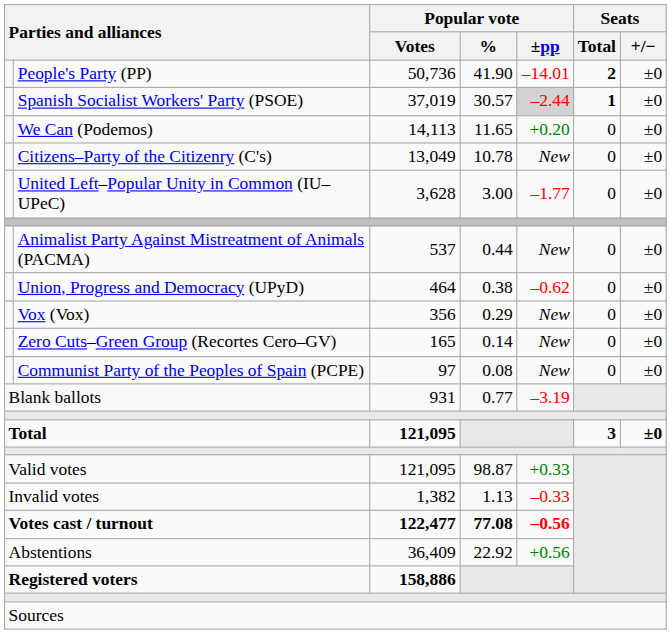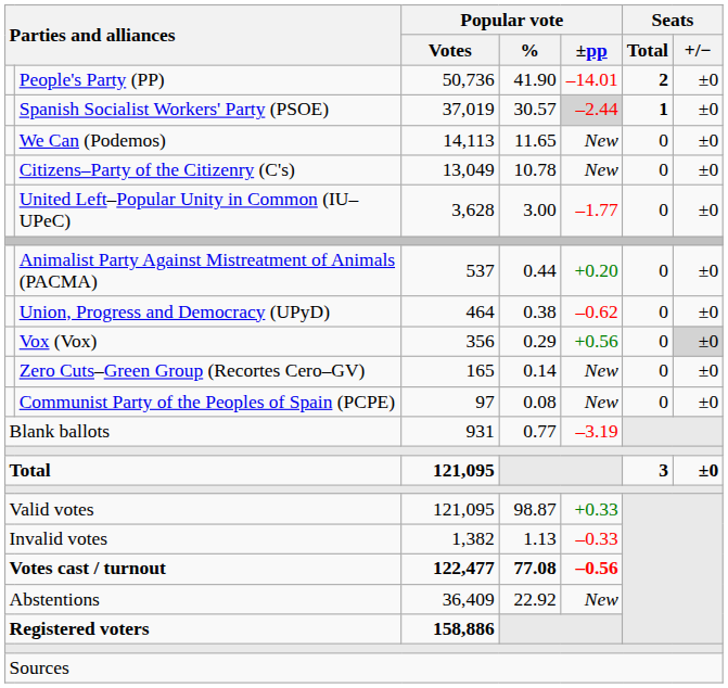 <table class="wikitable" style="text-align:right;">
 <tr>
 <th style="text-align:left;" rowspan="2" colspan="2" width="525">Parties and alliances</th>
 <th colspan="3">Popular vote</th>
 <th colspan="2">Seats</th>
 </tr>
 <tr>
 <th width="75">Votes</th>
 <th width="45">%</th>
 <th width="45">±<a href='#'>pp</a></th>
 <th width="35">Total</th>
 <th width="35">+/−</th>
 </tr>
 <tr>
 <td width="1" style="color:inherit;background:"></td>
 <td align="left"><a href='#'>People's Party</a> (PP)</td>
 <td>50,736</td>
 <td>41.90</td>
 <td style="color:red;">–14.01</td>
 <td><strong>2</strong></td>
 <td>±0</td>
 </tr>
 <tr>
 <td style="color:inherit;background:"></td>
 <td align="left"><a href='#'>Spanish Socialist Workers' Party</a> (PSOE)</td>
 <td>37,019</td>
 <td>30.57</td>
 <td style="background: lightgrey; color:red;">–2.44</td>
 <td><strong>1</strong></td>
 <td>±0</td>
 </tr>
 <tr>
 <td style="color:inherit;background:"></td>
 <td align="left"><a href='#'>We Can</a> (Podemos)</td>
 <td>14,113</td>
 <td>11.65</td>
-<td style="color:green;">+0.20</td>
+<td><em>New</em></td>
 <td>0</td>
 <td>±0</td>
 </tr>
 <tr>
 <td style="color:inherit;background:"></td>
 <td align="left"><a href='#'>Citizens–Party of the Citizenry</a> (C's)</td>
 <td>13,049</td>
 <td>10.78</td>
 <td><em>New</em></td>
 <td>0</td>
 <td>±0</td>
 </tr>
 <tr>
 <td style="color:inherit;background:"></td>
 <td align="left"><a href='#'>United Left</a>–<a href='#'>Popular Unity in Common</a> (IU–UPeC)</td>
 <td>3,628</td>
 <td>3.00</td>
 <td style="color:red;">–1.77</td>
 <td>0</td>
 <td>±0</td>
 </tr>
 <tr>
 <td colspan="7" bgcolor="#C0C0C0"></td>
 </tr>
 <tr>
 <td style="color:inherit;background:"></td>
 <td align="left"><a href='#'>Animalist Party Against Mistreatment of Animals</a> (PACMA)</td>
 <td>537</td>
 <td>0.44</td>
-<td><em>New</em></td>
+<td style="color:green;">+0.20</td>
 <td>0</td>
 <td>±0</td>
 </tr>
 <tr>
 <td style="color:inherit;background:"></td>
 <td align="left"><a href='#'>Union, Progress and Democracy</a> (UPyD)</td>
 <td>464</td>
 <td>0.38</td>
 <td style="color:red;">–0.62</td>
 <td>0</td>
 <td>±0</td>
 </tr>
 <tr>
 <td style="color:inherit;background:"></td>
 <td align="left"><a href='#'>Vox</a> (Vox)</td>
 <td>356</td>
 <td>0.29</td>
-<td><em>New</em></td>
+<td style="color:green;">+0.56</td>
 <td>0</td>
-<td>±0</td>
+<td style="background: lightgrey;">±0</td>
 </tr>
 <tr>
 <td style="color:inherit;background:"></td>
 <td align="left"><a href='#'>Zero Cuts</a>–<a href='#'>Green Group</a> (Recortes Cero–GV)</td>
 <td>165</td>
 <td>0.14</td>
 <td><em>New</em></td>
 <td>0</td>
 <td>±0</td>
 </tr>
 <tr>
 <td style="color:inherit;background:"></td>
 <td align="left"><a href='#'>Communist Party of the Peoples of Spain</a> (PCPE)</td>
 <td>97</td>
 <td>0.08</td>
 <td><em>New</em></td>
 <td>0</td>
 <td>±0</td>
 </tr>
 <tr>
 <td align="left" colspan="2">Blank ballots</td>
 <td>931</td>
 <td>0.77</td>
 <td style="color:red;">–3.19</td>
 <td bgcolor="#E9E9E9" colspan="2"></td>
 </tr>
 <tr>
 <td colspan="7" bgcolor="#E9E9E9"></td>
 </tr>
 <tr style="font-weight:bold;">
 <td align="left" colspan="2">Total</td>
 <td>121,095</td>
 <td bgcolor="#E9E9E9" colspan="2"></td>
 <td>3</td>
 <td>±0</td>
 </tr>
 <tr>
 <td colspan="7" bgcolor="#E9E9E9"></td>
 </tr>
 <tr>
 <td align="left" colspan="2">Valid votes</td>
 <td>121,095</td>
 <td>98.87</td>
 <td style="color:green;">+0.33</td>
 <td bgcolor="#E9E9E9" colspan="2" rowspan="5"></td>
 </tr>
 <tr>
 <td align="left" colspan="2">Invalid votes</td>
 <td>1,382</td>
 <td>1.13</td>
 <td style="color:red;">–0.33</td>
 </tr>
 <tr style="font-weight:bold;">
 <td align="left" colspan="2">Votes cast / turnout</td>
 <td>122,477</td>
 <td>77.08</td>
 <td style="color:red;">–0.56</td>
 </tr>
 <tr>
 <td align="left" colspan="2">Abstentions</td>
 <td>36,409</td>
 <td>22.92</td>
-<td style="color:green;">+0.56</td>
+<td><em>New</em></td>
 </tr>
 <tr style="font-weight:bold;">
 <td align="left" colspan="2">Registered voters</td>
 <td>158,886</td>
 <td bgcolor="#E9E9E9" colspan="2"></td>
 </tr>
 <tr>
 <td colspan="7" bgcolor="#E9E9E9"></td>
 </tr>
 <tr>
 <td align="left" colspan="7">Sources</td>
 </tr>
 </table>
